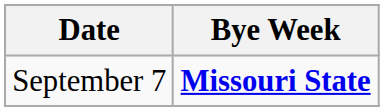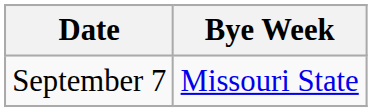 <table class="wikitable" style="font-size:95%;">
 <tr>
 <th>Date</th>
 <th>Bye Week</th>
 </tr>
 <tr>
 <td>September 7</td>
-<td><strong><a href='#'>Missouri State</a></strong></td>
+<td><a href='#'>Missouri State</a></td>
 </tr>
 </table>
